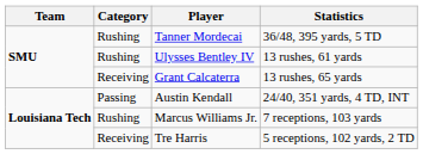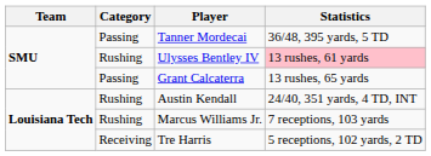 <table class="wikitable" style="float: right;">
 <tr>
 <th>Team</th>
 <th>Category</th>
 <th>Player</th>
 <th>Statistics</th>
 </tr>
 <tr>
 <td rowspan=3><strong>SMU</strong></td>
-<td>Rushing</td>
+<td>Passing</td>
 <td><a href='#'>Tanner Mordecai</a></td>
 <td>36/48, 395 yards, 5 TD</td>
 </tr>
 <tr>
 <td>Rushing</td>
 <td><a href='#'>Ulysses Bentley IV</a></td>
-<td>13 rushes, 61 yards</td>
+<td style="background: pink;">13 rushes, 61 yards</td>
 </tr>
 <tr>
-<td>Receiving</td>
+<td>Passing</td>
 <td><a href='#'>Grant Calcaterra</a></td>
 <td>13 rushes, 65 yards</td>
 </tr>
 <tr>
 <td rowspan=3><strong>Louisiana Tech</strong></td>
-<td>Passing</td>
+<td>Rushing</td>
 <td>Austin Kendall</td>
 <td>24/40, 351 yards, 4 TD, INT</td>
 </tr>
 <tr>
 <td>Rushing</td>
 <td>Marcus Williams Jr.</td>
 <td>7 receptions, 103 yards</td>
 </tr>
 <tr>
 <td>Receiving</td>
 <td>Tre Harris</td>
 <td>5 receptions, 102 yards, 2 TD</td>
 </tr>
 </table>
